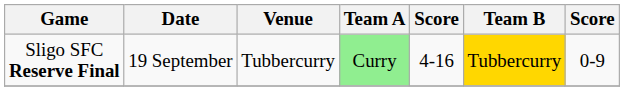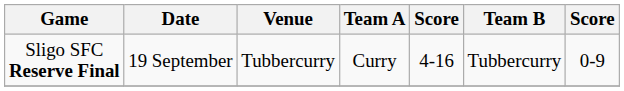 <table class="wikitable">
 <tr>
 <th>Game</th>
 <th>Date</th>
 <th>Venue</th>
 <th>Team A</th>
 <th>Score</th>
 <th>Team B</th>
 <th>Score</th>
 </tr>
 <tr align="center">
 <td>Sligo SFC<br><strong>Reserve Final</strong></td>
 <td>19 September</td>
 <td>Tubbercurry</td>
-<td style="background: lightgreen;">Curry</td>
+<td>Curry</td>
 <td>4-16</td>
-<td style="background: gold;">Tubbercurry</td>
+<td>Tubbercurry</td>
 <td>0-9</td>
 </tr>
 <tr align="center">
 </tr>
 </table>
